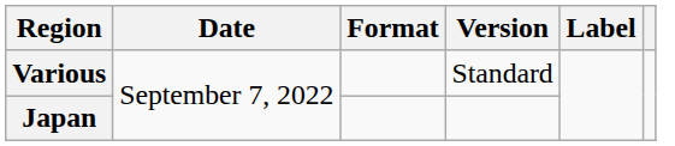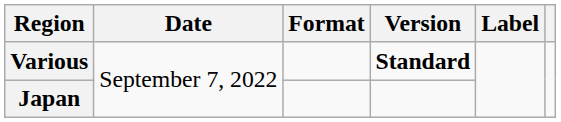 <table class="wikitable plainrowheaders">
 <tr>
 <th scope="col">Region</th>
 <th scope="col">Date</th>
 <th scope="col">Format</th>
 <th scope="col">Version</th>
 <th scope="col">Label</th>
 <th scope="col"></th>
 </tr>
 <tr>
 <th scope="row">Various</th>
 <td rowspan="2">September 7, 2022</td>
 <td></td>
-<td>Standard</td>
+<td><strong>Standard</strong></td>
 <td rowspan="2"></td>
 <td style="text-align:center" rowspan="2"></td>
 </tr>
 <tr>
 <th scope="row">Japan</th>
 <td></td>
 <td></td>
 </tr>
 </table>
